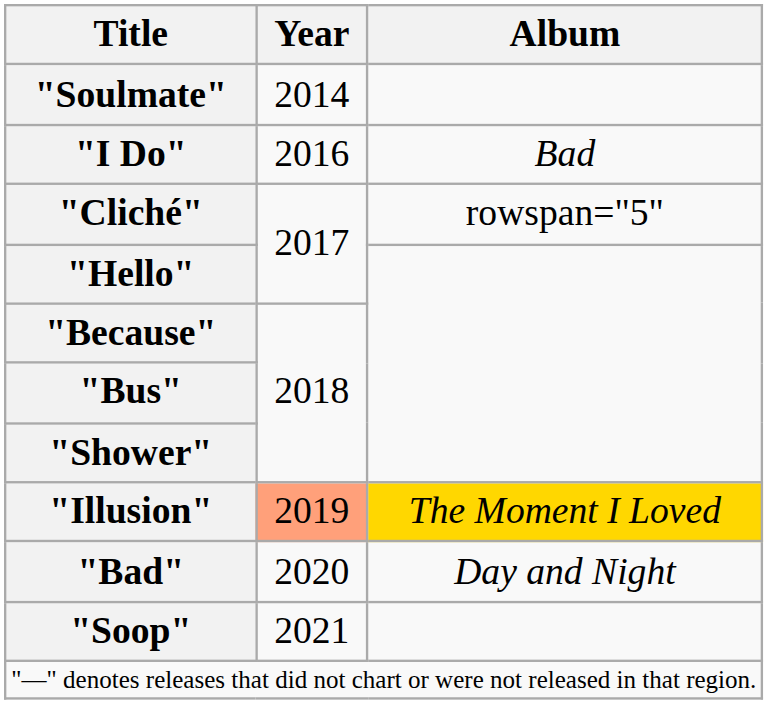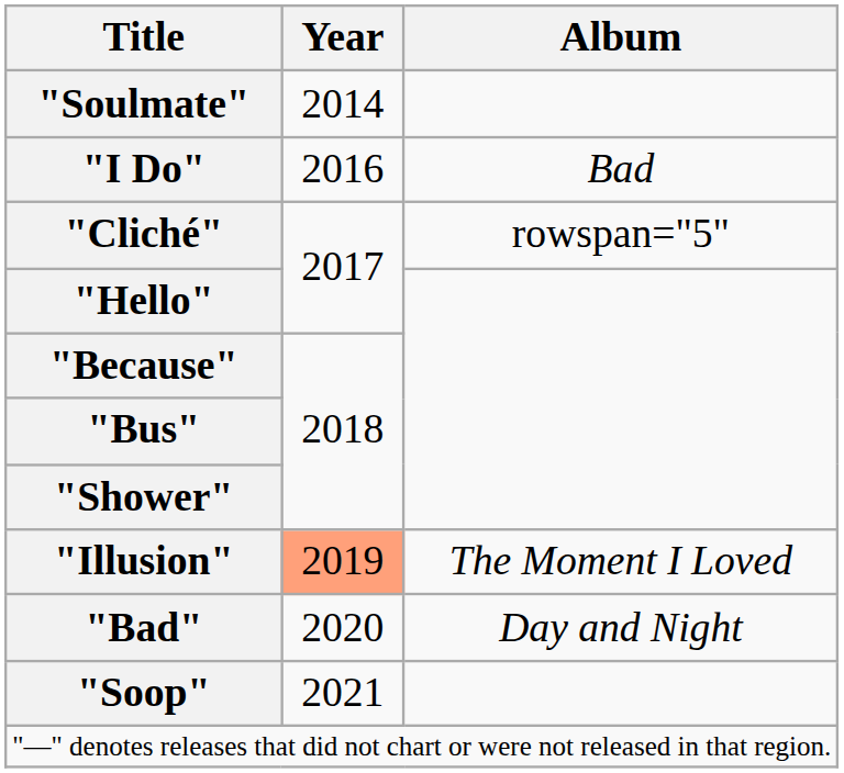 <table class="wikitable plainrowheaders" style="text-align:center;">
 <tr>
 <th scope="col" rowspan="1">Title</th>
 <th scope="col" rowspan="1">Year</th>
 <th scope="col" rowspan="1">Album</th>
 </tr>
 <tr>
 <th scope="row">"Soulmate" <br></th>
 <td>2014</td>
 <td></td>
 </tr>
 <tr>
 <th scope="row">"I Do"</th>
 <td>2016</td>
 <td><em>Bad</em></td>
 </tr>
 <tr>
 <th scope="row">"Cliché" <br></th>
 <td rowspan="2">2017</td>
 <td>rowspan="5" </td>
 </tr>
 <tr>
 <th scope="row">"Hello" <br></th>
 </tr>
 <tr>
 <th scope="row">"Because"</th>
 <td rowspan="3">2018</td>
 </tr>
 <tr>
 <th scope="row">"Bus"</th>
 </tr>
 <tr>
 <th scope="row">"Shower" </th>
 </tr>
 <tr>
 <th scope="row">"Illusion"</th>
 <td style="background: lightsalmon;">2019</td>
-<td style="background: gold;"><em>The Moment I Loved</em></td>
+<td><em>The Moment I Loved</em></td>
 </tr>
 <tr>
 <th scope="row">"Bad" </th>
 <td>2020</td>
 <td><em>Day and Night</em></td>
 </tr>
 <tr>
 <th scope="row">"Soop" </th>
 <td>2021</td>
 <td></td>
 </tr>
 <tr>
 <td colspan="3" style="text-align:center; font-size:8pt;">"—" denotes releases that did not chart or were not released in that region.</td>
 </tr>
 </table>
